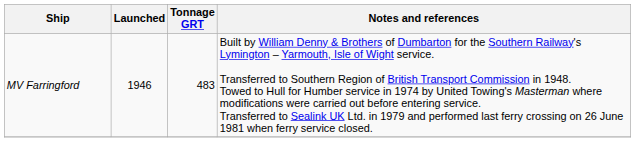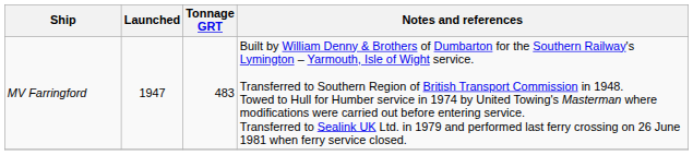 <table class="wikitable sortable">
 <tr>
 <th scope="col" width="150px">Ship</th>
 <th scope="col" width="25px">Launched</th>
 <th scope="col" width="25px">Tonnage <a href='#'>GRT</a></th>
 <th scope="col" width="600px">Notes and references</th>
 </tr>
 <tr>
 <td><em>MV Farringford</em></td>
-<td align="center">1946</td>
+<td align="center">1947</td>
 <td align="right">483</td>
 <td>Built by <a href='#'>William Denny & Brothers</a> of <a href='#'>Dumbarton</a> for the <a href='#'>Southern Railway</a>'s <a href='#'>Lymington</a> – <a href='#'>Yarmouth, Isle of Wight</a> service.<br><br>Transferred to Southern Region of <a href='#'>British Transport Commission</a> in 1948.<br> Towed to Hull for Humber service in 1974 by United Towing's <em>Masterman</em> where modifications were carried out before entering service.<br> Transferred to <a href='#'>Sealink UK</a> Ltd. in 1979 and performed last ferry crossing on 26 June 1981 when ferry service closed.</td>
 </tr>
 <tr>
 </tr>
 </table>
